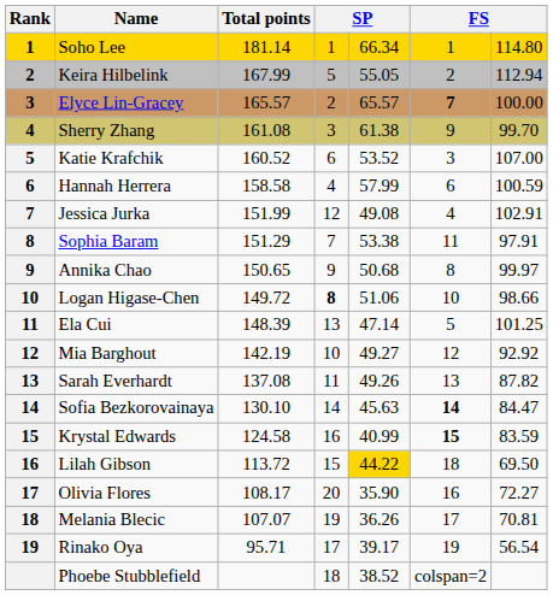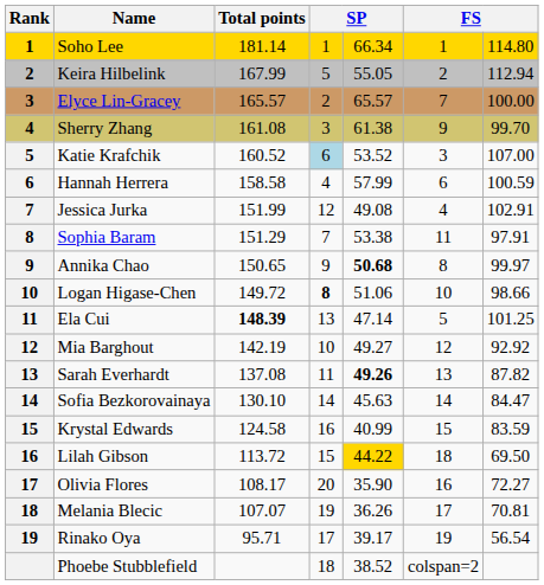 <table class="wikitable sortable">
 <tr>
 <th>Rank</th>
 <th>Name</th>
 <th>Total points</th>
 <th colspan="2" width="80px"><a href='#'>SP</a></th>
 <th colspan="2" width="80px"><a href='#'>FS</a></th>
 </tr>
 <tr bgcolor="gold">
 <td align="center"><strong>1</strong></td>
 <td>Soho Lee</td>
 <td align="center">181.14</td>
 <td align="center">1</td>
 <td align="center">66.34</td>
 <td align="center">1</td>
 <td align="center">114.80</td>
 </tr>
 <tr bgcolor="silver">
 <td align="center"><strong>2</strong></td>
 <td>Keira Hilbelink</td>
 <td align="center">167.99</td>
 <td align="center">5</td>
 <td align="center">55.05</td>
 <td align="center">2</td>
 <td align="center">112.94</td>
 </tr>
 <tr bgcolor="cc9966">
 <td align="center"><strong>3</strong></td>
 <td><a href='#'>Elyce Lin-Gracey</a></td>
 <td align="center">165.57</td>
 <td align="center">2</td>
 <td align="center">65.57</td>
-<td align="center"><strong>7</strong></td>
+<td align="center">7</td>
 <td align="center">100.00</td>
 </tr>
 <tr bgcolor="#d1c571">
 <td align="center"><strong>4</strong></td>
 <td>Sherry Zhang</td>
 <td align="center">161.08</td>
 <td align="center">3</td>
 <td align="center">61.38</td>
 <td align="center">9</td>
 <td align="center">99.70</td>
 </tr>
 <tr>
 <th>5</th>
 <td>Katie Krafchik</td>
 <td align="center">160.52</td>
-<td align="center">6</td>
+<td align="center" style="background: lightblue;">6</td>
 <td align="center">53.52</td>
 <td align="center">3</td>
 <td align="center">107.00</td>
 </tr>
 <tr>
 <th>6</th>
 <td>Hannah Herrera</td>
 <td align="center">158.58</td>
 <td align="center">4</td>
 <td align="center">57.99</td>
 <td align="center">6</td>
 <td align="center">100.59</td>
 </tr>
 <tr>
 <th>7</th>
 <td>Jessica Jurka</td>
 <td align="center">151.99</td>
 <td align="center">12</td>
 <td align="center">49.08</td>
 <td align="center">4</td>
 <td align="center">102.91</td>
 </tr>
 <tr>
 <th>8</th>
 <td><a href='#'>Sophia Baram</a></td>
 <td align="center">151.29</td>
 <td align="center">7</td>
 <td align="center">53.38</td>
 <td align="center">11</td>
 <td align="center">97.91</td>
 </tr>
 <tr>
 <th>9</th>
 <td>Annika Chao</td>
 <td align="center">150.65</td>
 <td align="center">9</td>
-<td align="center">50.68</td>
+<td align="center"><strong>50.68</strong></td>
 <td align="center">8</td>
 <td align="center">99.97</td>
 </tr>
 <tr>
 <th>10</th>
 <td>Logan Higase-Chen</td>
 <td align="center">149.72</td>
 <td align="center"><strong>8</strong></td>
 <td align="center">51.06</td>
 <td align="center">10</td>
 <td align="center">98.66</td>
 </tr>
 <tr>
 <th>11</th>
 <td>Ela Cui</td>
-<td align="center">148.39</td>
+<td align="center"><strong>148.39</strong></td>
 <td align="center">13</td>
 <td align="center">47.14</td>
 <td align="center">5</td>
 <td align="center">101.25</td>
 </tr>
 <tr>
 <th>12</th>
 <td>Mia Barghout</td>
 <td align="center">142.19</td>
 <td align="center">10</td>
 <td align="center">49.27</td>
 <td align="center">12</td>
 <td align="center">92.92</td>
 </tr>
 <tr>
 <th>13</th>
 <td>Sarah Everhardt</td>
 <td align="center">137.08</td>
 <td align="center">11</td>
-<td align="center">49.26</td>
+<td align="center"><strong>49.26</strong></td>
 <td align="center">13</td>
 <td align="center">87.82</td>
 </tr>
 <tr>
 <th>14</th>
 <td>Sofia Bezkorovainaya</td>
 <td align="center">130.10</td>
 <td align="center">14</td>
 <td align="center">45.63</td>
-<td align="center"><strong>14</strong></td>
+<td align="center">14</td>
 <td align="center">84.47</td>
 </tr>
 <tr>
 <th>15</th>
 <td>Krystal Edwards</td>
 <td align="center">124.58</td>
 <td align="center">16</td>
 <td align="center">40.99</td>
-<td align="center"><strong>15</strong></td>
+<td align="center">15</td>
 <td align="center">83.59</td>
 </tr>
 <tr>
 <th>16</th>
 <td>Lilah Gibson</td>
 <td align="center">113.72</td>
 <td align="center">15</td>
 <td align="center" style="background: gold;">44.22</td>
 <td align="center">18</td>
 <td align="center">69.50</td>
 </tr>
 <tr>
 <th>17</th>
 <td>Olivia Flores</td>
 <td align="center">108.17</td>
 <td align="center">20</td>
 <td align="center">35.90</td>
 <td align="center">16</td>
 <td align="center">72.27</td>
 </tr>
 <tr>
 <th>18</th>
 <td>Melania Blecic</td>
 <td align="center">107.07</td>
 <td align="center">19</td>
 <td align="center">36.26</td>
 <td align="center">17</td>
 <td align="center">70.81</td>
 </tr>
 <tr>
 <th>19</th>
 <td>Rinako Oya</td>
 <td align="center">95.71</td>
 <td align="center">17</td>
 <td align="center">39.17</td>
 <td align="center">19</td>
 <td align="center">56.54</td>
 </tr>
 <tr>
 <th></th>
 <td>Phoebe Stubblefield</td>
 <td></td>
 <td align="center">18</td>
 <td align="center">38.52</td>
 <td>colspan=2 </td>
 </tr>
 </table>
